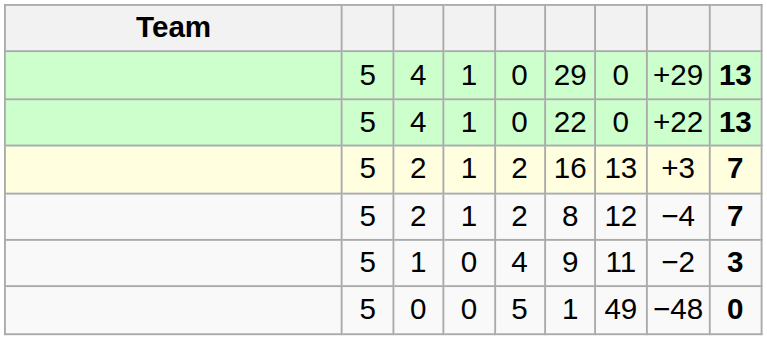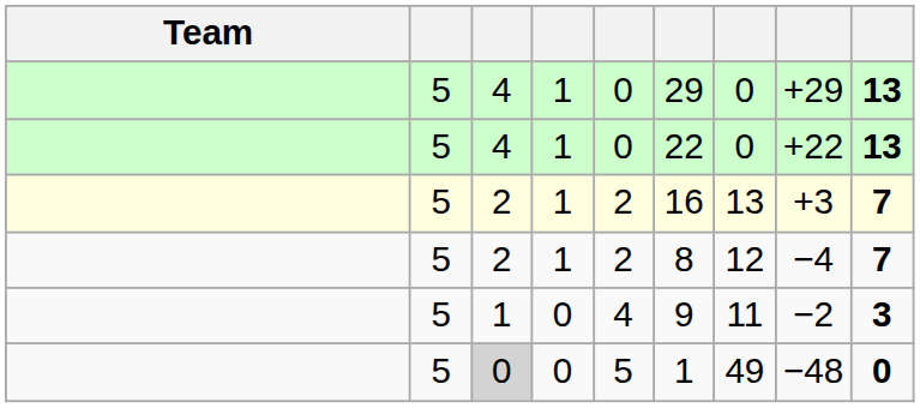 <table class="wikitable" style="text-align:center">
 <tr>
 <th width="175">Team</th>
 <th width="20"></th>
 <th width="20"></th>
 <th width="20"></th>
 <th width="20"></th>
 <th width="20"></th>
 <th width="20"></th>
 <th width="20"></th>
 <th width="20"></th>
 </tr>
 <tr bgcolor=ccffcc>
 <td align=left></td>
 <td>5</td>
 <td>4</td>
 <td>1</td>
 <td>0</td>
 <td>29</td>
 <td>0</td>
 <td>+29</td>
 <td><strong>13</strong></td>
 </tr>
 <tr bgcolor=ccffcc>
 <td align=left></td>
 <td>5</td>
 <td>4</td>
 <td>1</td>
 <td>0</td>
 <td>22</td>
 <td>0</td>
 <td>+22</td>
 <td><strong>13</strong></td>
 </tr>
 <tr bgcolor=lightyellow>
 <td align=left></td>
 <td>5</td>
 <td>2</td>
 <td>1</td>
 <td>2</td>
 <td>16</td>
 <td>13</td>
 <td>+3</td>
 <td><strong>7</strong></td>
 </tr>
 <tr>
 <td align=left></td>
 <td>5</td>
 <td>2</td>
 <td>1</td>
 <td>2</td>
 <td>8</td>
 <td>12</td>
 <td>−4</td>
 <td><strong>7</strong></td>
 </tr>
 <tr>
 <td align=left></td>
 <td>5</td>
 <td>1</td>
 <td>0</td>
 <td>4</td>
 <td>9</td>
 <td>11</td>
 <td>−2</td>
 <td><strong>3</strong></td>
 </tr>
 <tr>
 <td align=left></td>
 <td>5</td>
-<td>0</td>
+<td style="background: lightgrey;">0</td>
 <td>0</td>
 <td>5</td>
 <td>1</td>
 <td>49</td>
 <td>−48</td>
 <td><strong>0</strong></td>
 </tr>
 </table>
